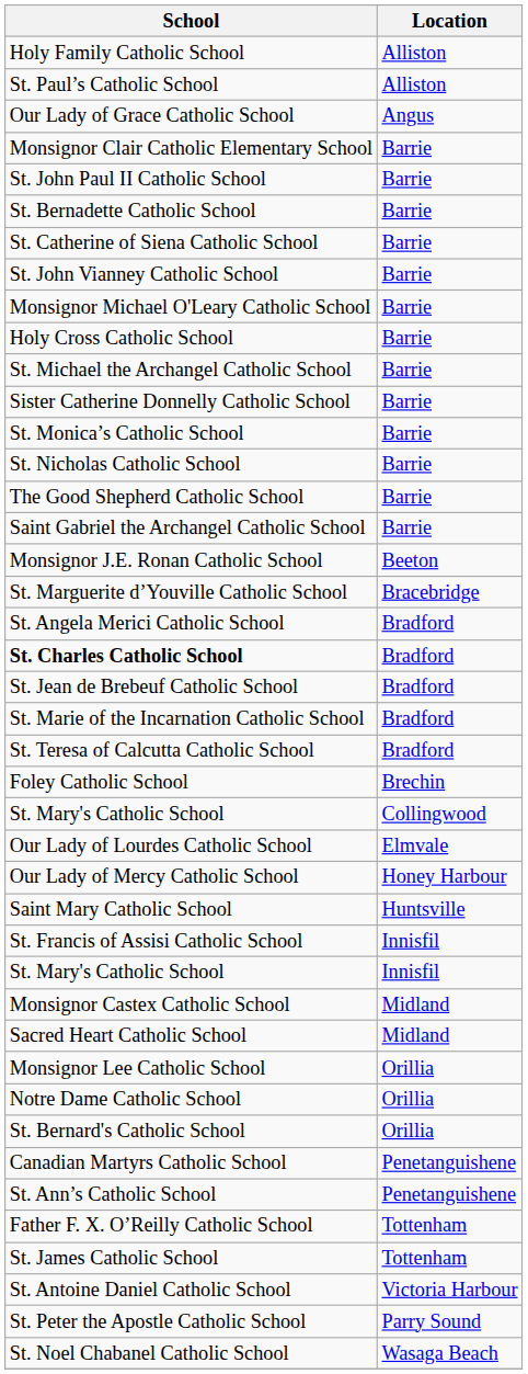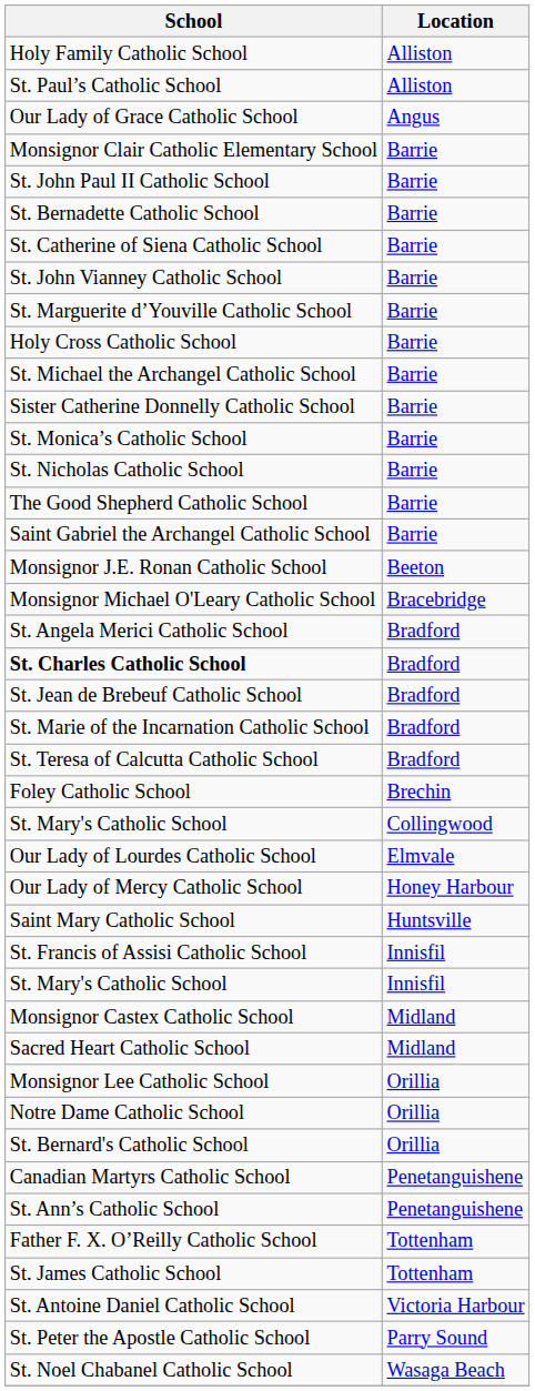 <table class="wikitable sortable">
 <tr>
 <th>School</th>
 <th>Location</th>
 </tr>
 <tr>
 <td>Holy Family Catholic School</td>
 <td><a href='#'>Alliston</a></td>
 </tr>
 <tr>
 <td>St. Paul’s Catholic School</td>
 <td><a href='#'>Alliston</a></td>
 </tr>
 <tr>
 <td>Our Lady of Grace Catholic School</td>
 <td><a href='#'>Angus</a></td>
 </tr>
 <tr>
 <td>Monsignor Clair Catholic Elementary School</td>
 <td><a href='#'>Barrie</a></td>
 </tr>
 <tr>
 <td>St. John Paul II Catholic School</td>
 <td><a href='#'>Barrie</a></td>
 </tr>
 <tr>
 <td>St. Bernadette Catholic School</td>
 <td><a href='#'>Barrie</a></td>
 </tr>
 <tr>
 <td>St. Catherine of Siena Catholic School</td>
 <td><a href='#'>Barrie</a></td>
 </tr>
 <tr>
 <td>St. John Vianney Catholic School</td>
 <td><a href='#'>Barrie</a></td>
 </tr>
 <tr>
-<td>Monsignor Michael O'Leary Catholic School</td>
+<td>St. Marguerite d’Youville Catholic School</td>
 <td><a href='#'>Barrie</a></td>
 </tr>
 <tr>
 <td>Holy Cross Catholic School</td>
 <td><a href='#'>Barrie</a></td>
 </tr>
 <tr>
 <td>St. Michael the Archangel Catholic School</td>
 <td><a href='#'>Barrie</a></td>
 </tr>
 <tr>
 <td>Sister Catherine Donnelly Catholic School</td>
 <td><a href='#'>Barrie</a></td>
 </tr>
 <tr>
 <td>St. Monica’s Catholic School</td>
 <td><a href='#'>Barrie</a></td>
 </tr>
 <tr>
 <td>St. Nicholas Catholic School</td>
 <td><a href='#'>Barrie</a></td>
 </tr>
 <tr>
 <td>The Good Shepherd Catholic School</td>
 <td><a href='#'>Barrie</a></td>
 </tr>
 <tr>
 <td>Saint Gabriel the Archangel Catholic School</td>
 <td><a href='#'>Barrie</a></td>
 </tr>
 <tr>
 <td>Monsignor J.E. Ronan Catholic School</td>
 <td><a href='#'>Beeton</a></td>
 </tr>
 <tr>
-<td>St. Marguerite d’Youville Catholic School</td>
+<td>Monsignor Michael O'Leary Catholic School</td>
 <td><a href='#'>Bracebridge</a></td>
 </tr>
 <tr>
 <td>St. Angela Merici Catholic School</td>
 <td><a href='#'>Bradford</a></td>
 </tr>
 <tr>
 <td><strong>St. Charles Catholic School</strong></td>
 <td><a href='#'>Bradford</a></td>
 </tr>
 <tr>
 <td>St. Jean de Brebeuf Catholic School</td>
 <td><a href='#'>Bradford</a></td>
 </tr>
 <tr>
 <td>St. Marie of the Incarnation Catholic School</td>
 <td><a href='#'>Bradford</a></td>
 </tr>
 <tr>
 <td>St. Teresa of Calcutta Catholic School</td>
 <td><a href='#'>Bradford</a></td>
 </tr>
 <tr>
 <td>Foley Catholic School</td>
 <td><a href='#'>Brechin</a></td>
 </tr>
 <tr>
 <td>St. Mary's Catholic School</td>
 <td><a href='#'>Collingwood</a></td>
 </tr>
 <tr>
 <td>Our Lady of Lourdes Catholic School</td>
 <td><a href='#'>Elmvale</a></td>
 </tr>
 <tr>
 <td>Our Lady of Mercy Catholic School</td>
 <td><a href='#'>Honey Harbour</a></td>
 </tr>
 <tr>
 <td>Saint Mary Catholic School</td>
 <td><a href='#'>Huntsville</a></td>
 </tr>
 <tr>
 <td>St. Francis of Assisi Catholic School</td>
 <td><a href='#'>Innisfil</a></td>
 </tr>
 <tr>
 <td>St. Mary's Catholic School</td>
 <td><a href='#'>Innisfil</a></td>
 </tr>
 <tr>
 <td>Monsignor Castex Catholic School</td>
 <td><a href='#'>Midland</a></td>
 </tr>
 <tr>
 <td>Sacred Heart Catholic School</td>
 <td><a href='#'>Midland</a></td>
 </tr>
 <tr>
 <td>Monsignor Lee Catholic School</td>
 <td><a href='#'>Orillia</a></td>
 </tr>
 <tr>
 <td>Notre Dame Catholic School</td>
 <td><a href='#'>Orillia</a></td>
 </tr>
 <tr>
 <td>St. Bernard's Catholic School</td>
 <td><a href='#'>Orillia</a></td>
 </tr>
 <tr>
 <td>Canadian Martyrs Catholic School</td>
 <td><a href='#'>Penetanguishene</a></td>
 </tr>
 <tr>
 <td>St. Ann’s Catholic School</td>
 <td><a href='#'>Penetanguishene</a></td>
 </tr>
 <tr>
 <td>Father F. X. O’Reilly Catholic School</td>
 <td><a href='#'>Tottenham</a></td>
 </tr>
 <tr>
 <td>St. James Catholic School</td>
 <td><a href='#'>Tottenham</a></td>
 </tr>
 <tr>
 <td>St. Antoine Daniel Catholic School</td>
 <td><a href='#'>Victoria Harbour</a></td>
 </tr>
 <tr>
 <td>St. Peter the Apostle Catholic School</td>
 <td><a href='#'>Parry Sound</a></td>
 </tr>
 <tr>
 <td>St. Noel Chabanel Catholic School</td>
 <td><a href='#'>Wasaga Beach</a></td>
 </tr>
 <tr>
 </tr>
 </table>
